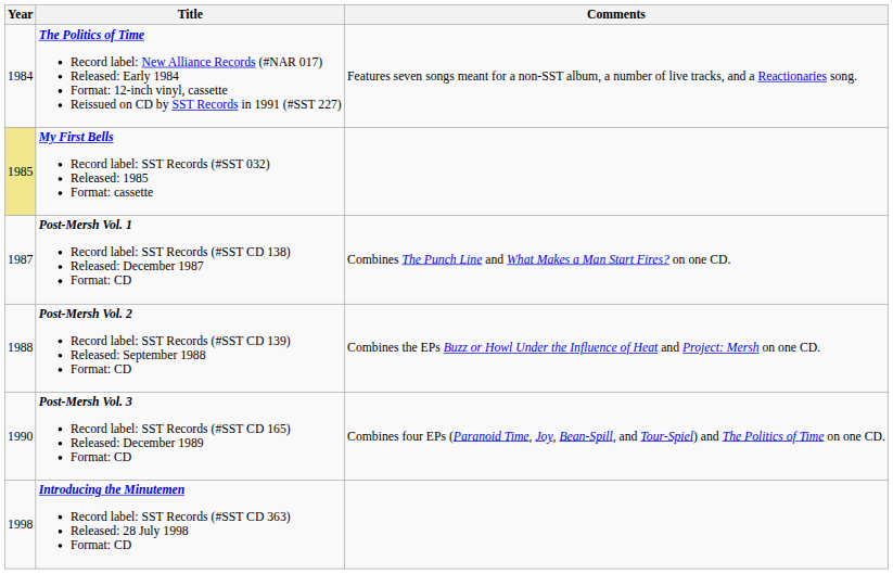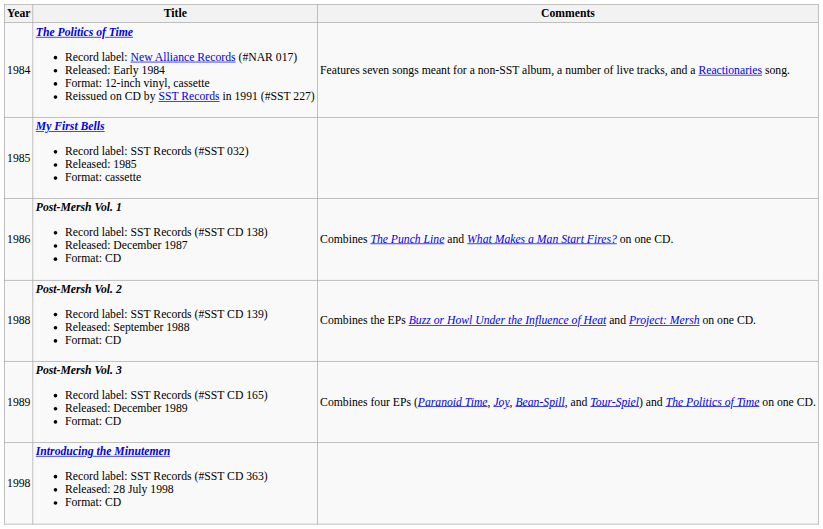 <table class="wikitable">
 <tr>
 <th>Year</th>
 <th>Title</th>
 <th>Comments</th>
 </tr>
 <tr>
 <td>1984</td>
 <td><strong><em><a href='#'>The Politics of Time</a></em></strong><br><ul><li>Record label: <a href='#'>New Alliance Records</a> (#NAR 017)</li><li>Released: Early 1984</li><li>Format: 12-inch vinyl, cassette</li><li>Reissued on CD by <a href='#'>SST Records</a> in 1991 (#SST 227)</li></ul></td>
 <td>Features seven songs meant for a non-SST album, a number of live tracks, and a <a href='#'>Reactionaries</a> song.</td>
 </tr>
 <tr>
-<td style="background: khaki;">1985</td>
+<td>1985</td>
 <td><strong><em><a href='#'>My First Bells</a></em></strong><br><ul><li>Record label: SST Records (#SST 032)</li><li>Released: 1985</li><li>Format: cassette</li></ul></td>
 <td></td>
 </tr>
 <tr>
-<td>1987</td>
+<td>1986</td>
 <td><strong><em>Post-Mersh Vol. 1</em></strong><br><ul><li>Record label: SST Records (#SST CD 138)</li><li>Released: December 1987</li><li>Format: CD</li></ul></td>
 <td>Combines <em><a href='#'>The Punch Line</a></em> and <em><a href='#'>What Makes a Man Start Fires?</a></em> on one CD.</td>
 </tr>
 <tr>
 <td>1988</td>
 <td><strong><em>Post-Mersh Vol. 2</em></strong><br><ul><li>Record label: SST Records (#SST CD 139)</li><li>Released: September 1988</li><li>Format: CD</li></ul></td>
 <td>Combines the EPs <em><a href='#'>Buzz or Howl Under the Influence of Heat</a></em> and <em><a href='#'>Project: Mersh</a></em> on one CD.</td>
 </tr>
 <tr>
-<td>1990</td>
+<td>1989</td>
 <td><strong><em>Post-Mersh Vol. 3</em></strong><br><ul><li>Record label: SST Records (#SST CD 165)</li><li>Released: December 1989</li><li>Format: CD</li></ul></td>
 <td>Combines four EPs (<em><a href='#'>Paranoid Time</a></em>, <em><a href='#'>Joy</a></em>, <em><a href='#'>Bean-Spill</a></em>, and <em><a href='#'>Tour-Spiel</a></em>) and <em><a href='#'>The Politics of Time</a></em> on one CD.</td>
 </tr>
 <tr>
 <td>1998</td>
 <td><strong><em><a href='#'>Introducing the Minutemen</a></em></strong><br><ul><li>Record label: SST Records (#SST CD 363)</li><li>Released: 28 July 1998</li><li>Format: CD</li></ul></td>
 <td></td>
 </tr>
 </table>
